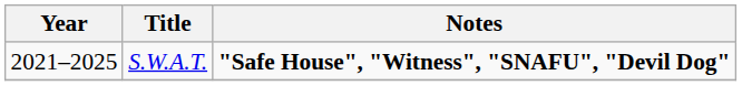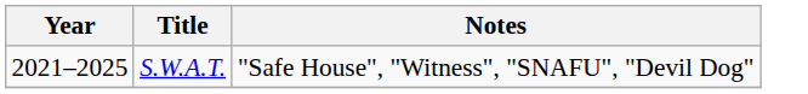 <table class="wikitable sortable">
 <tr>
 <th>Year</th>
 <th>Title</th>
 <th class="unsortable">Notes</th>
 </tr>
 <tr>
 <td>2021–2025</td>
 <td><em><a href='#'>S.W.A.T.</a></em></td>
-<td><strong>"Safe House", "Witness", "SNAFU", "Devil Dog"</strong></td>
+<td>"Safe House", "Witness", "SNAFU", "Devil Dog"</td>
 </tr>
 <tr>
 </tr>
 </table>
